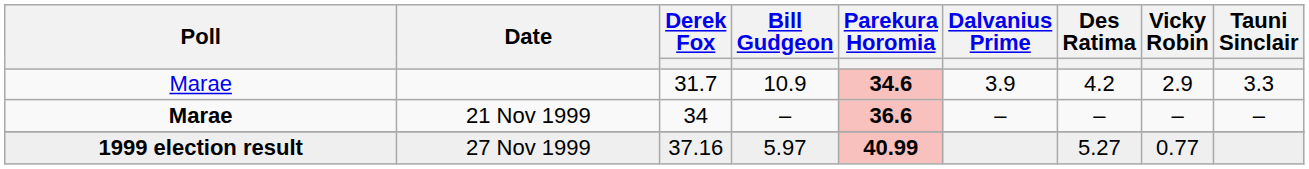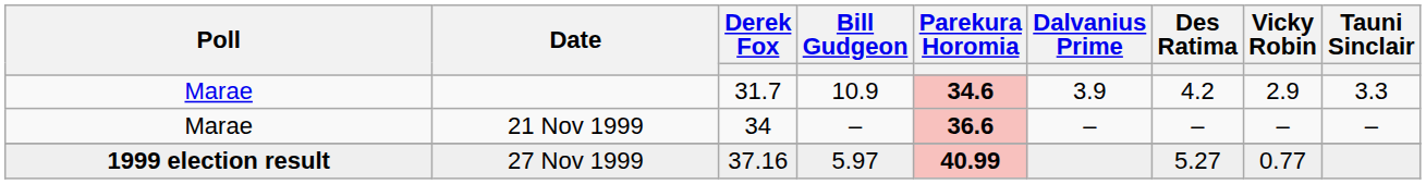 <table class="wikitable" style="width:850px;font-size:90%;line-height:14px;text-align:center;">
 <tr style="height:32px">
 <th style="width:300px;" rowspan="2">Poll</th>
 <th style="width:200px;" rowspan="2">Date</th>
 <th><a href='#'>Derek Fox</a></th>
 <th><a href='#'>Bill Gudgeon</a></th>
 <th><a href='#'>Parekura Horomia</a></th>
 <th><a href='#'>Dalvanius Prime</a></th>
 <th>Des Ratima</th>
 <th>Vicky Robin</th>
 <th>Tauni Sinclair</th>
 </tr>
 <tr>
 <th class="unsortable" style="color:inherit;background:"></th>
 <th class="unsortable" style="color:inherit;background:"></th>
 <th class="unsortable" style="color:inherit;background:"></th>
 <th class="unsortable" style="color:inherit;background:"></th>
 <th class="unsortable" style="color:inherit;background:"></th>
 <th class="unsortable" style="color:inherit;background:"></th>
 <th class="unsortable" style="color:inherit;background:"></th>
 </tr>
 <tr>
 <td><a href='#'>Marae</a></td>
 <td></td>
 <td>31.7</td>
 <td>10.9</td>
 <td style="background:#F8C1BE"><strong>34.6</strong></td>
 <td>3.9</td>
 <td>4.2</td>
 <td>2.9</td>
 <td>3.3</td>
 </tr>
 <tr>
-<td><strong>Marae</strong></td>
+<td>Marae</td>
 <td>21 Nov 1999</td>
 <td>34</td>
 <td>–</td>
 <td style="background:#F8C1BE"><strong>36.6</strong></td>
 <td>–</td>
 <td>–</td>
 <td>–</td>
 <td>–</td>
 </tr>
 <tr>
 </tr>
 <tr style="background:#EFEFEF; font-weight:italic;">
 <td><strong>1999 election result</strong></td>
 <td>27 Nov 1999</td>
 <td>37.16</td>
 <td>5.97</td>
 <td style="background:#F8C1BE"><strong>40.99</strong></td>
 <td></td>
 <td>5.27</td>
 <td>0.77</td>
 <td></td>
 </tr>
 </table>
